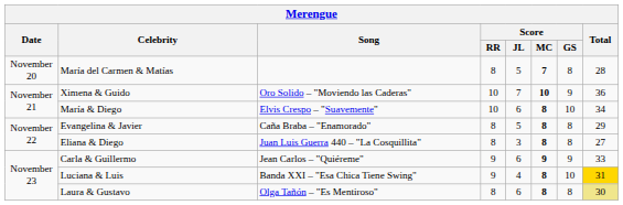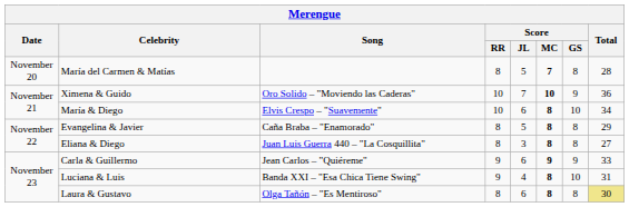 <table class="wikitable collapsible collapsed" style="font-size:90%; text-align: center; width: 100%;">
 <tr>
 <th colspan="11" style="with: 95%;"><big><a href='#'>Merengue</a></big></th>
 </tr>
 <tr>
 <th width=70 rowspan="2">Date</th>
 <th width=280 rowspan="2">Celebrity</th>
 <th rowspan="2">Song</th>
 <th colspan="4">Score</th>
 <th rowspan="2">Total</th>
 </tr>
 <tr>
 <th width=30>RR</th>
 <th width=30>JL</th>
 <th width=30>MC</th>
 <th width=30>GS</th>
 </tr>
 <tr>
 <td>November 20</td>
 <td style="text-align:left;">María del Carmen & Matías</td>
 <td></td>
 <td>8</td>
 <td>5</td>
 <td><strong>7</strong></td>
 <td>8</td>
 <td>28</td>
 </tr>
 <tr>
 <td rowspan="2">November 21</td>
 <td style="text-align:left;">Ximena & Guido</td>
 <td style="text-align:left;"><a href='#'>Oro Solido</a> – "Moviendo las Caderas"</td>
 <td>10</td>
 <td>7</td>
 <td><strong>10</strong></td>
 <td>9</td>
 <td>36</td>
 </tr>
 <tr>
 <td style="text-align:left;">María & Diego</td>
 <td style="text-align:left;"><a href='#'>Elvis Crespo</a> – "<a href='#'>Suavemente</a>"</td>
 <td>10</td>
 <td>6</td>
 <td><strong>8</strong></td>
 <td>10</td>
 <td>34</td>
 </tr>
 <tr>
 <td rowspan="2">November 22</td>
 <td style="text-align:left;">Evangelina & Javier</td>
 <td style="text-align:left;">Caña Braba – "Enamorado"</td>
 <td>8</td>
 <td>5</td>
 <td><strong>8</strong></td>
 <td>8</td>
 <td>29</td>
 </tr>
 <tr>
 <td style="text-align:left;">Eliana & Diego</td>
 <td style="text-align:left;"><a href='#'>Juan Luis Guerra</a> 440 – "La Cosquillita"</td>
 <td>8</td>
 <td>3</td>
 <td><strong>8</strong></td>
 <td>8</td>
 <td>27</td>
 </tr>
 <tr>
 <td rowspan="3">November 23</td>
 <td style="text-align:left;">Carla & Guillermo</td>
 <td style="text-align:left;">Jean Carlos – "Quiéreme"</td>
 <td>9</td>
 <td>6</td>
 <td><strong>9</strong></td>
 <td>9</td>
 <td>33</td>
 </tr>
 <tr>
 <td style="text-align:left;">Luciana & Luis</td>
 <td style="text-align:left;">Banda XXI – "Esa Chica Tiene Swing"</td>
 <td>9</td>
 <td>4</td>
 <td><strong>8</strong></td>
 <td>10</td>
-<td style="background: gold;">31</td>
+<td>31</td>
 </tr>
 <tr>
 <td style="text-align:left;">Laura & Gustavo</td>
 <td style="text-align:left;"><a href='#'>Olga Tañón</a> – "Es Mentiroso"</td>
 <td>8</td>
 <td>6</td>
 <td><strong>8</strong></td>
 <td>8</td>
 <td style="background: khaki;">30</td>
 </tr>
 </table>
